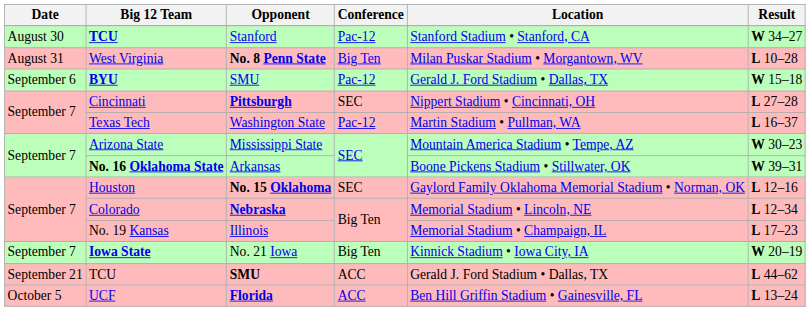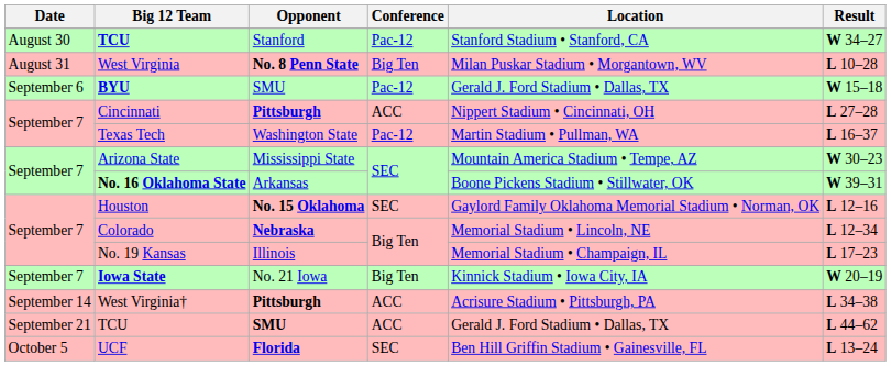 <table class="wikitable">
 <tr>
 <th>Date</th>
 <th>Big 12 Team</th>
 <th>Opponent</th>
 <th>Conference</th>
 <th>Location</th>
 <th>Result</th>
 </tr>
 <tr>
 </tr>
 <tr style="background:#bfb;">
 <td>August 30</td>
 <td><strong><a href='#'>TCU</a></strong></td>
 <td><a href='#'>Stanford</a></td>
 <td><a href='#'>Pac-12</a></td>
 <td><a href='#'>Stanford Stadium</a> • <a href='#'>Stanford, CA</a></td>
 <td><strong>W</strong> 34–27</td>
 </tr>
 <tr style="background:#fbb;">
 <td>August 31</td>
 <td><a href='#'>West Virginia</a></td>
 <td><strong>No. 8 <a href='#'>Penn State</a></strong></td>
 <td><a href='#'>Big Ten</a></td>
 <td><a href='#'>Milan Puskar Stadium</a> • <a href='#'>Morgantown, WV</a></td>
 <td><strong>L</strong> 10–28</td>
 </tr>
 <tr style="background:#bfb;">
 <td>September 6</td>
 <td><strong><a href='#'>BYU</a></strong></td>
 <td><a href='#'>SMU</a></td>
 <td><a href='#'>Pac-12</a></td>
 <td><a href='#'>Gerald J. Ford Stadium</a> • <a href='#'>Dallas, TX</a></td>
 <td><strong>W</strong> 15–18</td>
 </tr>
 <tr style="background:#fbb;">
 <td rowspan="2">September 7</td>
 <td><a href='#'>Cincinnati</a></td>
 <td><strong><a href='#'>Pittsburgh</a></strong></td>
-<td>SEC</td>
+<td>ACC</td>
 <td><a href='#'>Nippert Stadium</a> • <a href='#'>Cincinnati, OH</a></td>
 <td><strong>L</strong> 27–28</td>
 </tr>
 <tr style="background:#fbb;">
 <td><a href='#'>Texas Tech</a></td>
 <td><a href='#'>Washington State</a></td>
 <td><a href='#'>Pac-12</a></td>
 <td><a href='#'>Martin Stadium</a> • <a href='#'>Pullman, WA</a></td>
 <td><strong>L</strong> 16–37</td>
 </tr>
 <tr style="background:#bfb;">
 <td rowspan="2">September 7</td>
 <td><a href='#'>Arizona State</a></td>
 <td><a href='#'>Mississippi State</a></td>
 <td rowspan="2"><a href='#'>SEC</a></td>
 <td><a href='#'>Mountain America Stadium</a> • <a href='#'>Tempe, AZ</a></td>
 <td><strong>W</strong> 30–23</td>
 </tr>
 <tr style="background:#bfb;">
 <td><strong>No. 16 <a href='#'>Oklahoma State</a></strong></td>
 <td><a href='#'>Arkansas</a></td>
 <td><a href='#'>Boone Pickens Stadium</a> • <a href='#'>Stillwater, OK</a></td>
 <td><strong>W</strong> 39–31</td>
 </tr>
 <tr style="background:#fbb;">
 <td rowspan="3">September 7</td>
 <td><a href='#'>Houston</a></td>
 <td><strong>No. 15 <a href='#'>Oklahoma</a></strong></td>
 <td>SEC</td>
 <td><a href='#'>Gaylord Family Oklahoma Memorial Stadium</a> • <a href='#'>Norman, OK</a></td>
 <td><strong>L</strong> 12–16</td>
 </tr>
 <tr style="background:#fbb;">
 <td><a href='#'>Colorado</a></td>
 <td><strong><a href='#'>Nebraska</a></strong></td>
 <td rowspan="2">Big Ten</td>
 <td><a href='#'>Memorial Stadium</a> • <a href='#'>Lincoln, NE</a></td>
 <td><strong>L</strong> 12–34</td>
 </tr>
 <tr style="background:#fbb;">
 <td>No. 19 <a href='#'>Kansas</a></td>
 <td><a href='#'>Illinois</a></td>
 <td><a href='#'>Memorial Stadium</a> • <a href='#'>Champaign, IL</a></td>
 <td><strong>L</strong> 17–23</td>
 </tr>
 <tr style="background:#bfb;">
 <td>September 7</td>
 <td><strong><a href='#'>Iowa State</a></strong></td>
 <td>No. 21 <a href='#'>Iowa</a></td>
 <td>Big Ten</td>
 <td><a href='#'>Kinnick Stadium</a> • <a href='#'>Iowa City, IA</a></td>
 <td><strong>W</strong> 20–19</td>
 </tr>
 <tr style="background:#fbb;">
+<td>September 14</td>
+<td>West Virginia†</td>
+<td><strong>Pittsburgh</strong></td>
+<td>ACC</td>
+<td><a href='#'>Acrisure Stadium</a> • <a href='#'>Pittsburgh, PA</a></td>
+<td><strong>L</strong> 34–38</td>
+</tr>
+<tr style="background:#fbb;">
 <td>September 21</td>
 <td>TCU</td>
 <td><strong>SMU</strong></td>
 <td>ACC</td>
 <td>Gerald J. Ford Stadium • Dallas, TX</td>
 <td><strong>L</strong> 44–62</td>
 </tr>
 <tr style="background:#fbb;">
 <td>October 5</td>
 <td><a href='#'>UCF</a></td>
 <td><strong><a href='#'>Florida</a></strong></td>
-<td><a href='#'>ACC</a></td>
+<td>SEC</td>
 <td><a href='#'>Ben Hill Griffin Stadium</a> • <a href='#'>Gainesville, FL</a></td>
 <td><strong>L</strong> 13–24</td>
 </tr>
 </table>
